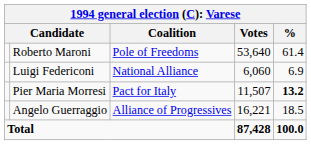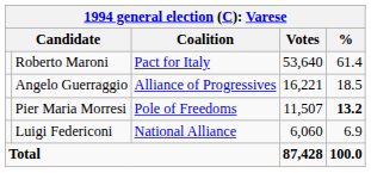 <table class=wikitable style=text-align:right>
 <tr>
 <th colspan=5><a href='#'>1994 general election</a> (<a href='#'>C</a>): <a href='#'>Varese</a></th>
 </tr>
 <tr>
 <th colspan=2>Candidate</th>
 <th>Coalition</th>
 <th>Votes</th>
 <th>%</th>
 </tr>
 <tr>
 <td></td>
 <td align=left>Roberto Maroni</td>
-<td align=left><a href='#'>Pole of Freedoms</a></td>
+<td align=left><a href='#'>Pact for Italy</a></td>
 <td>53,640</td>
 <td>61.4</td>
+</tr>
+<tr>
+<td></td>
+<td align=left>Angelo Guerraggio</td>
+<td align=left><a href='#'>Alliance of Progressives</a></td>
+<td>16,221</td>
+<td>18.5</td>
+</tr>
+<tr>
+<td></td>
+<td align=left>Pier Maria Morresi</td>
+<td align=left><a href='#'>Pole of Freedoms</a></td>
+<td>11,507</td>
+<td><strong>13.2</strong></td>
 </tr>
 <tr>
 <td></td>
 <td align=left>Luigi Federiconi</td>
 <td align=left><a href='#'>National Alliance</a></td>
 <td>6,060</td>
 <td>6.9</td>
 </tr>
 <tr>
-<td></td>
-<td align=left>Pier Maria Morresi</td>
-<td align=left><a href='#'>Pact for Italy</a></td>
-<td>11,507</td>
-<td><strong>13.2</strong></td>
-</tr>
-<tr>
-<td></td>
-<td align=left>Angelo Guerraggio</td>
-<td align=left><a href='#'>Alliance of Progressives</a></td>
-<td>16,221</td>
-<td>18.5</td>
-</tr>
-<tr>
 <td align=left colspan=3><strong>Total</strong></td>
 <td><strong>87,428</strong></td>
 <td><strong>100.0</strong></td>
 </tr>
 </table>
